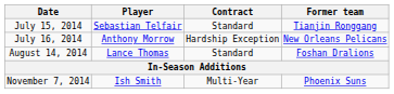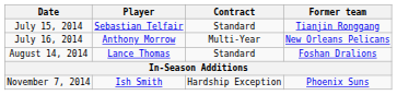 <table class="wikitable" style="text-align: center">
 <tr>
 <th>Date</th>
 <th>Player</th>
 <th>Contract</th>
 <th>Former team</th>
 </tr>
 <tr style="text-align: center">
 <td>July 15, 2014</td>
 <td><a href='#'>Sebastian Telfair</a></td>
 <td>Standard</td>
 <td> <a href='#'>Tianjin Ronggang</a></td>
 </tr>
 <tr style="text-align: center">
 <td>July 16, 2014</td>
 <td><a href='#'>Anthony Morrow</a></td>
-<td>Hardship Exception</td>
+<td>Multi-Year</td>
 <td><a href='#'>New Orleans Pelicans</a></td>
 </tr>
 <tr style="text-align: center">
 <td>August 14, 2014</td>
 <td><a href='#'>Lance Thomas</a></td>
 <td>Standard</td>
 <td> <a href='#'>Foshan Dralions</a></td>
 </tr>
 <tr>
 <th scope="row" colspan="6" style="text-align:center;”">In-Season Additions</th>
 </tr>
 <tr style="text-align: center">
 <td>November 7, 2014</td>
 <td><a href='#'>Ish Smith</a></td>
-<td>Multi-Year</td>
+<td>Hardship Exception</td>
 <td><a href='#'>Phoenix Suns</a></td>
 </tr>
 </table>
